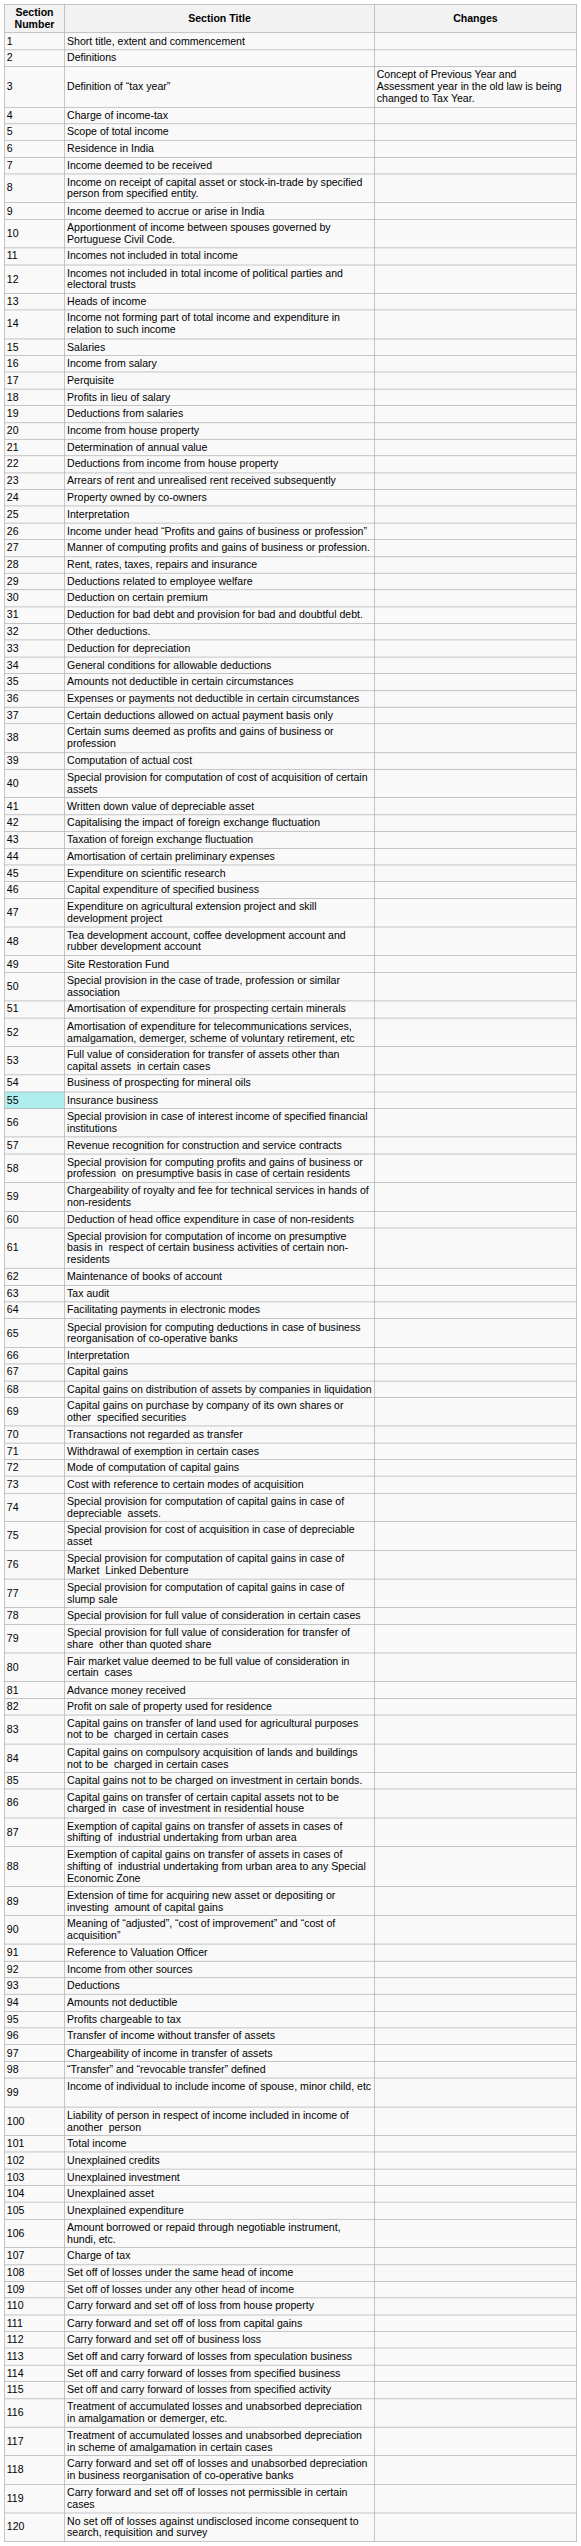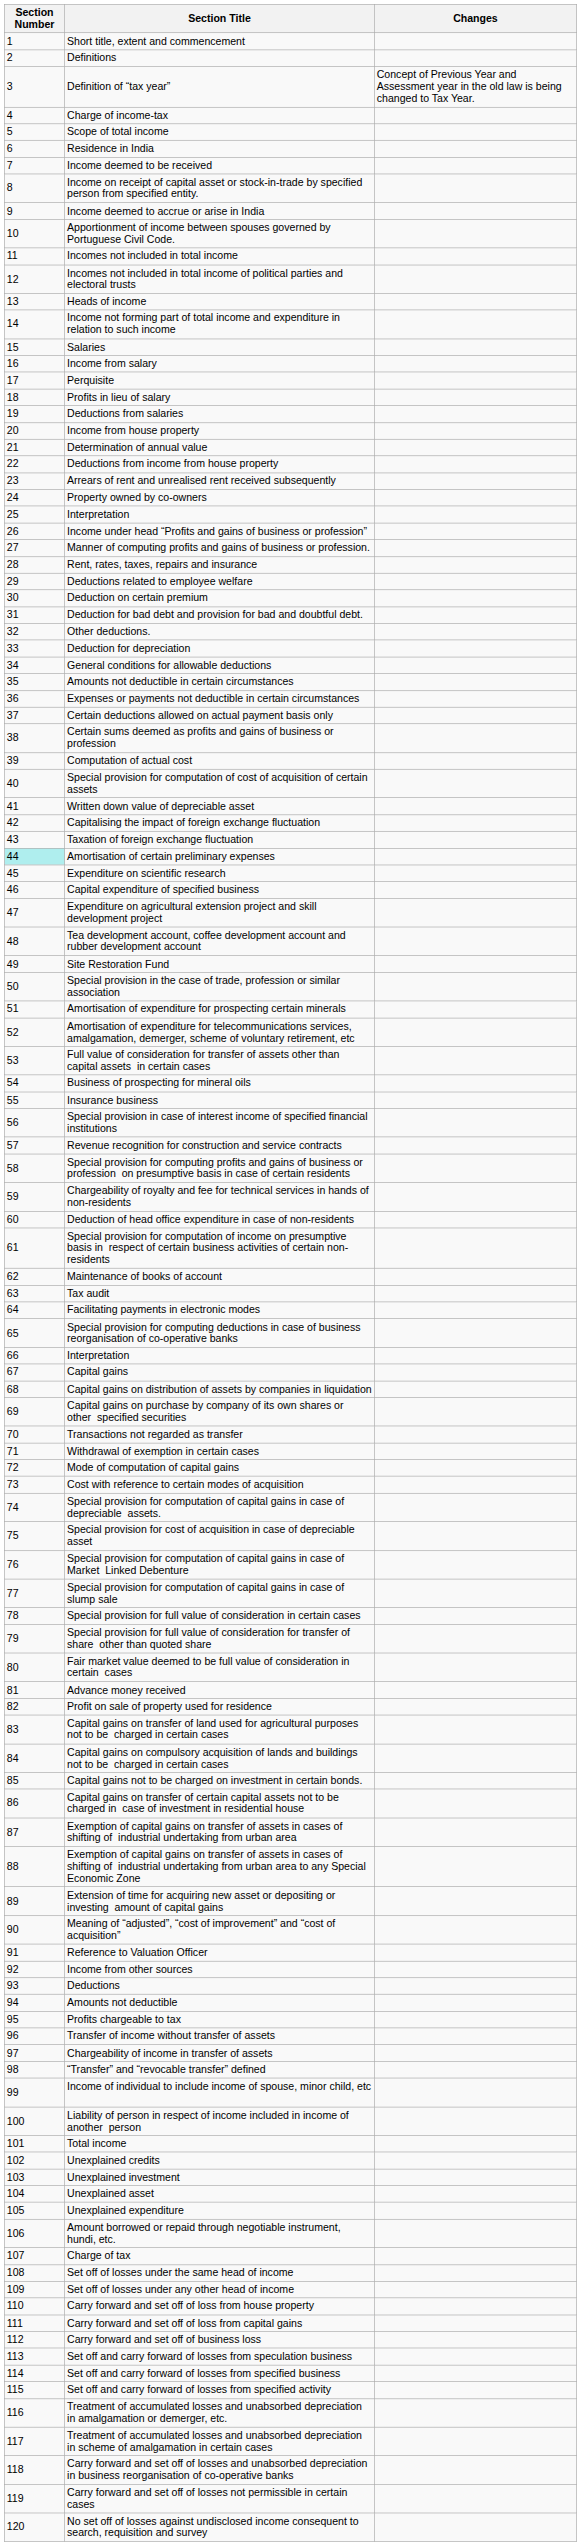 <table class="wikitable">
 <tr>
 <th>Section Number</th>
 <th>Section Title</th>
 <th>Changes</th>
 </tr>
 <tr>
 <td>1</td>
 <td>Short title, extent and commencement</td>
 <td></td>
 </tr>
 <tr>
 <td>2</td>
 <td>Definitions</td>
 <td></td>
 </tr>
 <tr>
 <td>3</td>
 <td>Definition of “tax year”</td>
 <td>Concept of Previous Year and Assessment year in the old law is being changed to Tax Year.</td>
 </tr>
 <tr>
 <td>4</td>
 <td>Charge of income-tax</td>
 <td></td>
 </tr>
 <tr>
 <td>5</td>
 <td>Scope of total income</td>
 <td></td>
 </tr>
 <tr>
 <td>6</td>
 <td>Residence in India</td>
 <td></td>
 </tr>
 <tr>
 <td>7</td>
 <td>Income deemed to be received</td>
 <td></td>
 </tr>
 <tr>
 <td>8</td>
 <td>Income on receipt of capital asset or stock-in-trade by specified person from specified entity.</td>
 <td></td>
 </tr>
 <tr>
 <td>9</td>
 <td>Income deemed to accrue or arise in India</td>
 <td></td>
 </tr>
 <tr>
 <td>10</td>
 <td>Apportionment of income between spouses governed by Portuguese Civil Code.</td>
 <td></td>
 </tr>
 <tr>
 <td>11</td>
 <td>Incomes not included in total income</td>
 <td></td>
 </tr>
 <tr>
 <td>12</td>
 <td>Incomes not included in total income of political parties and electoral trusts</td>
 <td></td>
 </tr>
 <tr>
 <td>13</td>
 <td>Heads of income</td>
 <td></td>
 </tr>
 <tr>
 <td>14</td>
 <td>Income not forming part of total income and expenditure in relation to such income</td>
 <td></td>
 </tr>
 <tr>
 <td>15</td>
 <td>Salaries</td>
 <td></td>
 </tr>
 <tr>
 <td>16</td>
 <td>Income from salary</td>
 <td></td>
 </tr>
 <tr>
 <td>17</td>
 <td>Perquisite</td>
 <td></td>
 </tr>
 <tr>
 <td>18</td>
 <td>Profits in lieu of salary</td>
 <td></td>
 </tr>
 <tr>
 <td>19</td>
 <td>Deductions from salaries</td>
 <td></td>
 </tr>
 <tr>
 <td>20</td>
 <td>Income from house property</td>
 <td></td>
 </tr>
 <tr>
 <td>21</td>
 <td>Determination of annual value</td>
 <td></td>
 </tr>
 <tr>
 <td>22</td>
 <td>Deductions from income from house property</td>
 <td></td>
 </tr>
 <tr>
 <td>23</td>
 <td>Arrears of rent and unrealised rent received subsequently</td>
 <td></td>
 </tr>
 <tr>
 <td>24</td>
 <td>Property owned by co-owners</td>
 <td></td>
 </tr>
 <tr>
 <td>25</td>
 <td>Interpretation</td>
 <td></td>
 </tr>
 <tr>
 <td>26</td>
 <td>Income under head “Profits and gains of business or profession”</td>
 <td></td>
 </tr>
 <tr>
 <td>27</td>
 <td>Manner of computing profits and gains of business or profession.</td>
 <td></td>
 </tr>
 <tr>
 <td>28</td>
 <td>Rent, rates, taxes, repairs and insurance</td>
 <td></td>
 </tr>
 <tr>
 <td>29</td>
 <td>Deductions related to employee welfare</td>
 <td></td>
 </tr>
 <tr>
 <td>30</td>
 <td>Deduction on certain premium</td>
 <td></td>
 </tr>
 <tr>
 <td>31</td>
 <td>Deduction for bad debt and provision for bad and doubtful debt.</td>
 <td></td>
 </tr>
 <tr>
 <td>32</td>
 <td>Other deductions.</td>
 <td></td>
 </tr>
 <tr>
 <td>33</td>
 <td>Deduction for depreciation</td>
 <td></td>
 </tr>
 <tr>
 <td>34</td>
 <td>General conditions for allowable deductions</td>
 <td></td>
 </tr>
 <tr>
 <td>35</td>
 <td>Amounts not deductible in certain circumstances</td>
 <td></td>
 </tr>
 <tr>
 <td>36</td>
 <td>Expenses or payments not deductible in certain circumstances</td>
 <td></td>
 </tr>
 <tr>
 <td>37</td>
 <td>Certain deductions allowed on actual payment basis only</td>
 <td></td>
 </tr>
 <tr>
 <td>38</td>
 <td>Certain sums deemed as profits and gains of business or profession</td>
 <td></td>
 </tr>
 <tr>
 <td>39</td>
 <td>Computation of actual cost</td>
 <td></td>
 </tr>
 <tr>
 <td>40</td>
 <td>Special provision for computation of cost of acquisition of certain assets</td>
 <td></td>
 </tr>
 <tr>
 <td>41</td>
 <td>Written down value of depreciable asset</td>
 <td></td>
 </tr>
 <tr>
 <td>42</td>
 <td>Capitalising the impact of foreign exchange fluctuation</td>
 <td></td>
 </tr>
 <tr>
 <td>43</td>
 <td>Taxation of foreign exchange fluctuation</td>
 <td></td>
 </tr>
 <tr>
-<td>44</td>
+<td style="background: paleturquoise;">44</td>
 <td>Amortisation of certain preliminary expenses</td>
 <td></td>
 </tr>
 <tr>
 <td>45</td>
 <td>Expenditure on scientific research</td>
 <td></td>
 </tr>
 <tr>
 <td>46</td>
 <td>Capital expenditure of specified business</td>
 <td></td>
 </tr>
 <tr>
 <td>47</td>
 <td>Expenditure on agricultural extension project and skill development project</td>
 <td></td>
 </tr>
 <tr>
 <td>48</td>
 <td>Tea development account, coffee development account and rubber development account</td>
 <td></td>
 </tr>
 <tr>
 <td>49</td>
 <td>Site Restoration Fund</td>
 <td></td>
 </tr>
 <tr>
 <td>50</td>
 <td>Special provision in the case of trade, profession or similar association</td>
 <td></td>
 </tr>
 <tr>
 <td>51</td>
 <td>Amortisation of expenditure for prospecting certain minerals</td>
 <td></td>
 </tr>
 <tr>
 <td>52</td>
 <td>Amortisation of expenditure for telecommunications services, amalgamation, demerger, scheme of voluntary retirement, etc</td>
 <td></td>
 </tr>
 <tr>
 <td>53</td>
 <td>Full value of consideration for transfer of assets other than capital assets  in certain cases</td>
 <td></td>
 </tr>
 <tr>
 <td>54</td>
 <td>Business of prospecting for mineral oils</td>
 <td></td>
 </tr>
 <tr>
-<td style="background: paleturquoise;">55</td>
+<td>55</td>
 <td>Insurance business</td>
 <td></td>
 </tr>
 <tr>
 <td>56</td>
 <td>Special provision in case of interest income of specified financial  institutions</td>
 <td></td>
 </tr>
 <tr>
 <td>57</td>
 <td>Revenue recognition for construction and service contracts</td>
 <td></td>
 </tr>
 <tr>
 <td>58</td>
 <td>Special provision for computing profits and gains of business or profession  on presumptive basis in case of certain residents</td>
 <td></td>
 </tr>
 <tr>
 <td>59</td>
 <td>Chargeability of royalty and fee for technical services in hands of  non-residents</td>
 <td></td>
 </tr>
 <tr>
 <td>60</td>
 <td>Deduction of head office expenditure in case of non-residents</td>
 <td></td>
 </tr>
 <tr>
 <td>61</td>
 <td>Special provision for computation of income on presumptive basis in  respect of certain business activities of certain non-residents</td>
 <td></td>
 </tr>
 <tr>
 <td>62</td>
 <td>Maintenance of books of account</td>
 <td></td>
 </tr>
 <tr>
 <td>63</td>
 <td>Tax audit</td>
 <td></td>
 </tr>
 <tr>
 <td>64</td>
 <td>Facilitating payments in electronic modes</td>
 <td></td>
 </tr>
 <tr>
 <td>65</td>
 <td>Special provision for computing deductions in case of business  reorganisation of co-operative banks</td>
 <td></td>
 </tr>
 <tr>
 <td>66</td>
 <td>Interpretation</td>
 <td></td>
 </tr>
 <tr>
 <td>67</td>
 <td>Capital gains</td>
 <td></td>
 </tr>
 <tr>
 <td>68</td>
 <td>Capital gains on distribution of assets by companies in liquidation</td>
 <td></td>
 </tr>
 <tr>
 <td>69</td>
 <td>Capital gains on purchase by company of its own shares or other  specified securities</td>
 <td></td>
 </tr>
 <tr>
 <td>70</td>
 <td>Transactions not regarded as transfer</td>
 <td></td>
 </tr>
 <tr>
 <td>71</td>
 <td>Withdrawal of exemption in certain cases</td>
 <td></td>
 </tr>
 <tr>
 <td>72</td>
 <td>Mode of computation of capital gains</td>
 <td></td>
 </tr>
 <tr>
 <td>73</td>
 <td>Cost with reference to certain modes of acquisition</td>
 <td></td>
 </tr>
 <tr>
 <td>74</td>
 <td>Special provision for computation of capital gains in case of depreciable  assets.</td>
 <td></td>
 </tr>
 <tr>
 <td>75</td>
 <td>Special provision for cost of acquisition in case of depreciable asset</td>
 <td></td>
 </tr>
 <tr>
 <td>76</td>
 <td>Special provision for computation of capital gains in case of Market  Linked Debenture</td>
 <td></td>
 </tr>
 <tr>
 <td>77</td>
 <td>Special provision for computation of capital gains in case of slump sale</td>
 <td></td>
 </tr>
 <tr>
 <td>78</td>
 <td>Special provision for full value of consideration in certain cases</td>
 <td></td>
 </tr>
 <tr>
 <td>79</td>
 <td>Special provision for full value of consideration for transfer of share  other than quoted share</td>
 <td></td>
 </tr>
 <tr>
 <td>80</td>
 <td>Fair market value deemed to be full value of consideration in certain  cases</td>
 <td></td>
 </tr>
 <tr>
 <td>81</td>
 <td>Advance money received</td>
 <td></td>
 </tr>
 <tr>
 <td>82</td>
 <td>Profit on sale of property used for residence</td>
 <td></td>
 </tr>
 <tr>
 <td>83</td>
 <td>Capital gains on transfer of land used for agricultural purposes not to be  charged in certain cases</td>
 <td></td>
 </tr>
 <tr>
 <td>84</td>
 <td>Capital gains on compulsory acquisition of lands and buildings not to be  charged in certain cases</td>
 <td></td>
 </tr>
 <tr>
 <td>85</td>
 <td>Capital gains not to be charged on investment in certain bonds.</td>
 <td></td>
 </tr>
 <tr>
 <td>86</td>
 <td>Capital gains on transfer of certain capital assets not to be charged in  case of investment in residential house</td>
 <td></td>
 </tr>
 <tr>
 <td>87</td>
 <td>Exemption of capital gains on transfer of assets in cases of shifting of  industrial undertaking from urban area</td>
 <td></td>
 </tr>
 <tr>
 <td>88</td>
 <td>Exemption of capital gains on transfer of assets in cases of shifting of  industrial undertaking from urban area to any Special Economic Zone</td>
 <td></td>
 </tr>
 <tr>
 <td>89</td>
 <td>Extension of time for acquiring new asset or depositing or investing  amount of capital gains</td>
 <td></td>
 </tr>
 <tr>
 <td>90</td>
 <td>Meaning of “adjusted”, “cost of improvement” and “cost of acquisition”</td>
 <td></td>
 </tr>
 <tr>
 <td>91</td>
 <td>Reference to Valuation Officer</td>
 <td></td>
 </tr>
 <tr>
 <td>92</td>
 <td>Income from other sources</td>
 <td></td>
 </tr>
 <tr>
 <td>93</td>
 <td>Deductions</td>
 <td></td>
 </tr>
 <tr>
 <td>94</td>
 <td>Amounts not deductible</td>
 <td></td>
 </tr>
 <tr>
 <td>95</td>
 <td>Profits chargeable to tax</td>
 <td></td>
 </tr>
 <tr>
 <td>96</td>
 <td>Transfer of income without transfer of assets</td>
 <td></td>
 </tr>
 <tr>
 <td>97</td>
 <td>Chargeability of income in transfer of assets</td>
 <td></td>
 </tr>
 <tr>
 <td>98</td>
 <td>“Transfer” and “revocable transfer” defined</td>
 <td></td>
 </tr>
 <tr>
 <td>99</td>
 <td>Income of individual to include income of spouse, minor child, etc  </td>
 <td></td>
 </tr>
 <tr>
 <td>100</td>
 <td>Liability of person in respect of income included in income of another  person</td>
 <td></td>
 </tr>
 <tr>
 <td>101</td>
 <td>Total income</td>
 <td></td>
 </tr>
 <tr>
 <td>102</td>
 <td>Unexplained credits</td>
 <td></td>
 </tr>
 <tr>
 <td>103</td>
 <td>Unexplained investment</td>
 <td></td>
 </tr>
 <tr>
 <td>104</td>
 <td>Unexplained asset</td>
 <td></td>
 </tr>
 <tr>
 <td>105</td>
 <td>Unexplained expenditure</td>
 <td></td>
 </tr>
 <tr>
 <td>106</td>
 <td>Amount borrowed or repaid through negotiable instrument, hundi, etc.</td>
 <td></td>
 </tr>
 <tr>
 <td>107</td>
 <td>Charge of tax</td>
 <td></td>
 </tr>
 <tr>
 <td>108</td>
 <td>Set off of losses under the same head of income</td>
 <td></td>
 </tr>
 <tr>
 <td>109</td>
 <td>Set off of losses under any other head of income</td>
 <td></td>
 </tr>
 <tr>
 <td>110</td>
 <td>Carry forward and set off of loss from house property</td>
 <td></td>
 </tr>
 <tr>
 <td>111</td>
 <td>Carry forward and set off of loss from capital gains</td>
 <td></td>
 </tr>
 <tr>
 <td>112</td>
 <td>Carry forward and set off of business loss</td>
 <td></td>
 </tr>
 <tr>
 <td>113</td>
 <td>Set off and carry forward of losses from speculation business</td>
 <td></td>
 </tr>
 <tr>
 <td>114</td>
 <td>Set off and carry forward of losses from specified business</td>
 <td></td>
 </tr>
 <tr>
 <td>115</td>
 <td>Set off and carry forward of losses from specified activity</td>
 <td></td>
 </tr>
 <tr>
 <td>116</td>
 <td>Treatment of accumulated losses and unabsorbed depreciation in amalgamation or demerger, etc.</td>
 <td></td>
 </tr>
 <tr>
 <td>117</td>
 <td>Treatment of accumulated losses and unabsorbed depreciation in scheme of amalgamation in certain cases</td>
 <td></td>
 </tr>
 <tr>
 <td>118</td>
 <td>Carry forward and set off of losses and unabsorbed depreciation in business reorganisation of co-operative banks</td>
 <td></td>
 </tr>
 <tr>
 <td>119</td>
 <td>Carry forward and set off of losses not permissible in certain cases</td>
 <td></td>
 </tr>
 <tr>
 <td>120</td>
 <td>No set off of losses against undisclosed income consequent to search, requisition and survey</td>
 <td></td>
 </tr>
 </table>
